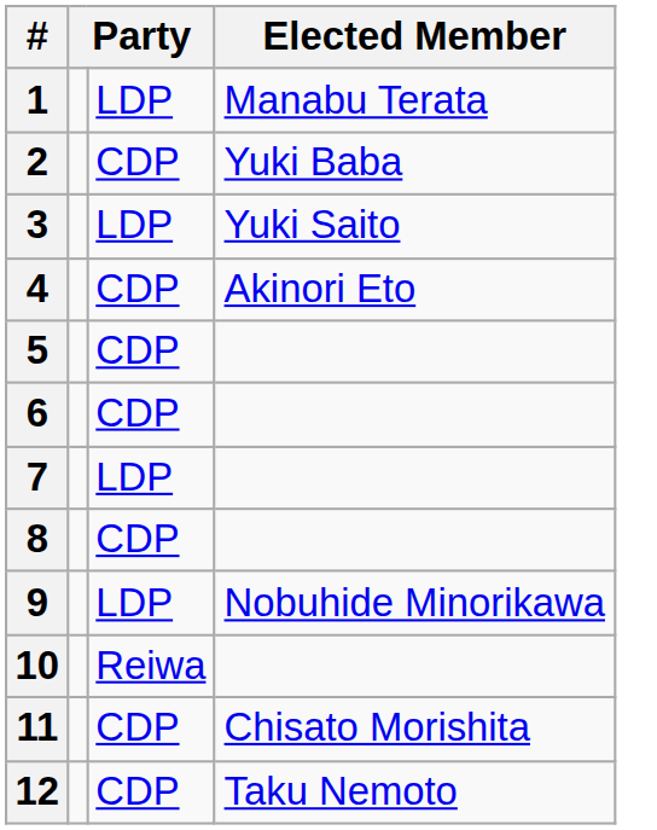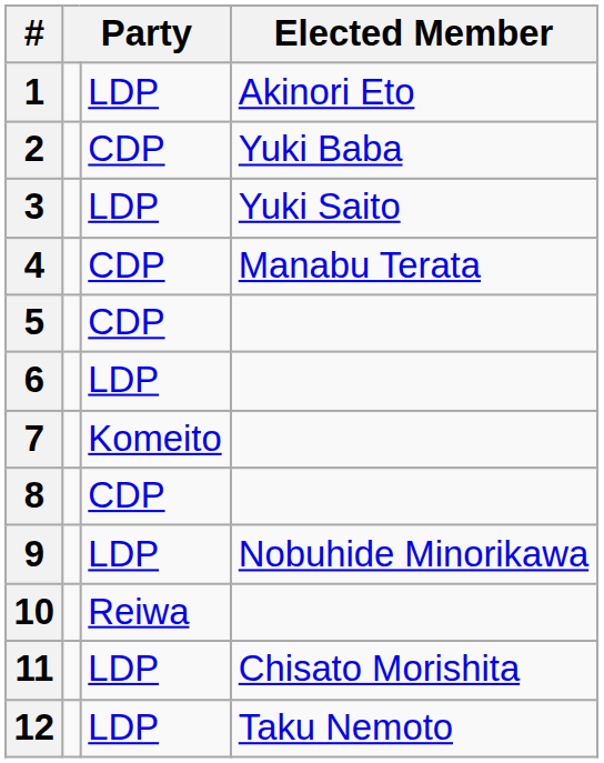 <table class="wikitable">
 <tr>
 <th>#</th>
 <th colspan=2>Party</th>
 <th>Elected Member</th>
 </tr>
 <tr>
 <th>1</th>
 <td style="background:"></td>
 <td><a href='#'>LDP</a></td>
-<td><a href='#'>Manabu Terata</a></td>
+<td><a href='#'>Akinori Eto</a></td>
 </tr>
 <tr>
 <th>2</th>
 <td style="background:"></td>
 <td><a href='#'>CDP</a></td>
 <td><a href='#'>Yuki Baba</a></td>
 </tr>
 <tr>
 <th>3</th>
 <td style="background:"></td>
 <td><a href='#'>LDP</a></td>
 <td><a href='#'>Yuki Saito</a></td>
 </tr>
 <tr>
 <th>4</th>
 <td style="background:"></td>
 <td><a href='#'>CDP</a></td>
-<td><a href='#'>Akinori Eto</a></td>
+<td><a href='#'>Manabu Terata</a></td>
 </tr>
 <tr>
 <th>5</th>
 <td style="background:"></td>
 <td><a href='#'>CDP</a></td>
 <td></td>
 </tr>
 <tr>
 <th>6</th>
 <td style="background:"></td>
-<td><a href='#'>CDP</a></td>
+<td><a href='#'>LDP</a></td>
 <td></td>
 </tr>
 <tr>
 <th>7</th>
 <td style="background:"></td>
-<td><a href='#'>LDP</a></td>
+<td><a href='#'>Komeito</a></td>
 <td></td>
 </tr>
 <tr>
 <th>8</th>
 <td style="background:"></td>
 <td><a href='#'>CDP</a></td>
 <td></td>
 </tr>
 <tr>
 <th>9</th>
 <td style="background:"></td>
 <td><a href='#'>LDP</a></td>
 <td><a href='#'>Nobuhide Minorikawa</a></td>
 </tr>
 <tr>
 <th>10</th>
 <td style="background:"></td>
 <td><a href='#'>Reiwa</a></td>
 <td></td>
 </tr>
 <tr>
 <th>11</th>
 <td style="background:"></td>
-<td><a href='#'>CDP</a></td>
+<td><a href='#'>LDP</a></td>
 <td><a href='#'>Chisato Morishita</a></td>
 </tr>
 <tr>
 <th>12</th>
 <td style="background:"></td>
-<td><a href='#'>CDP</a></td>
+<td><a href='#'>LDP</a></td>
 <td><a href='#'>Taku Nemoto</a></td>
 </tr>
 </table>
